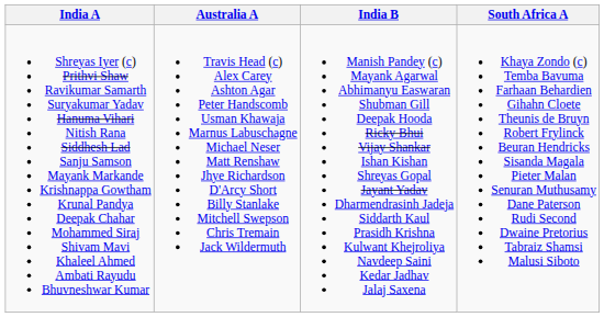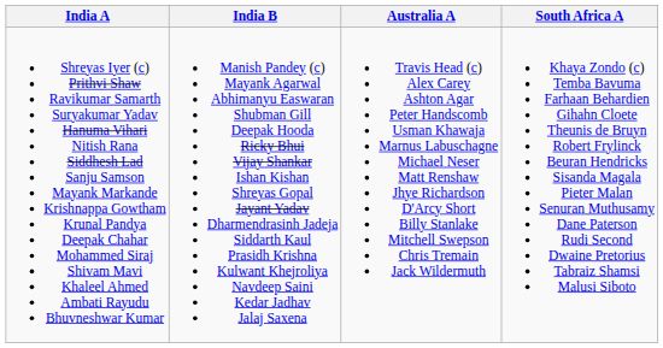 <table class="wikitable" style="text-align:center; margin:auto">
 <tr>
 <th> <a href='#'>India A</a></th>
+<th> <a href='#'>India B</a></th>
 <th> <a href='#'>Australia A</a></th>
-<th> <a href='#'>India B</a></th>
 <th> <a href='#'>South Africa A</a></th>
 </tr>
 <tr style="vertical-align:top">
 <td><br><ul><li><a href='#'>Shreyas Iyer</a> (<a href='#'>c</a>)</li><li><s><a href='#'>Prithvi Shaw</a></s></li><li><a href='#'>Ravikumar Samarth</a></li><li><a href='#'>Suryakumar Yadav</a></li><li><s><a href='#'>Hanuma Vihari</a></s></li><li><a href='#'>Nitish Rana</a></li><li><s><a href='#'>Siddhesh Lad</a></s></li><li><a href='#'>Sanju Samson</a></li><li><a href='#'>Mayank Markande</a></li><li><a href='#'>Krishnappa Gowtham</a></li><li><a href='#'>Krunal Pandya</a></li><li><a href='#'>Deepak Chahar</a></li><li><a href='#'>Mohammed Siraj</a></li><li><a href='#'>Shivam Mavi</a></li><li><a href='#'>Khaleel Ahmed</a></li><li><a href='#'>Ambati Rayudu</a></li><li><a href='#'>Bhuvneshwar Kumar</a></li></ul></td>
+<td><br><ul><li><a href='#'>Manish Pandey</a> (<a href='#'>c</a>)</li><li><a href='#'>Mayank Agarwal</a></li><li><a href='#'>Abhimanyu Easwaran</a></li><li><a href='#'>Shubman Gill</a></li><li><a href='#'>Deepak Hooda</a></li><li><s><a href='#'>Ricky Bhui</a></s></li><li><s><a href='#'>Vijay Shankar</a></s></li><li><a href='#'>Ishan Kishan</a></li><li><a href='#'>Shreyas Gopal</a></li><li><s><a href='#'>Jayant Yadav</a></s></li><li><a href='#'>Dharmendrasinh Jadeja</a></li><li><a href='#'>Siddarth Kaul</a></li><li><a href='#'>Prasidh Krishna</a></li><li><a href='#'>Kulwant Khejroliya</a></li><li><a href='#'>Navdeep Saini</a></li><li><a href='#'>Kedar Jadhav</a></li><li><a href='#'>Jalaj Saxena</a></li></ul></td>
 <td><br><ul><li><a href='#'>Travis Head</a> (<a href='#'>c</a>)</li><li><a href='#'>Alex Carey</a></li><li><a href='#'>Ashton Agar</a></li><li><a href='#'>Peter Handscomb</a></li><li><a href='#'>Usman Khawaja</a></li><li><a href='#'>Marnus Labuschagne</a></li><li><a href='#'>Michael Neser</a></li><li><a href='#'>Matt Renshaw</a></li><li><a href='#'>Jhye Richardson</a></li><li><a href='#'>D'Arcy Short</a></li><li><a href='#'>Billy Stanlake</a></li><li><a href='#'>Mitchell Swepson</a></li><li><a href='#'>Chris Tremain</a></li><li><a href='#'>Jack Wildermuth</a></li></ul></td>
-<td><br><ul><li><a href='#'>Manish Pandey</a> (<a href='#'>c</a>)</li><li><a href='#'>Mayank Agarwal</a></li><li><a href='#'>Abhimanyu Easwaran</a></li><li><a href='#'>Shubman Gill</a></li><li><a href='#'>Deepak Hooda</a></li><li><s><a href='#'>Ricky Bhui</a></s></li><li><s><a href='#'>Vijay Shankar</a></s></li><li><a href='#'>Ishan Kishan</a></li><li><a href='#'>Shreyas Gopal</a></li><li><s><a href='#'>Jayant Yadav</a></s></li><li><a href='#'>Dharmendrasinh Jadeja</a></li><li><a href='#'>Siddarth Kaul</a></li><li><a href='#'>Prasidh Krishna</a></li><li><a href='#'>Kulwant Khejroliya</a></li><li><a href='#'>Navdeep Saini</a></li><li><a href='#'>Kedar Jadhav</a></li><li><a href='#'>Jalaj Saxena</a></li></ul></td>
 <td><br><ul><li><a href='#'>Khaya Zondo</a> (<a href='#'>c</a>)</li><li><a href='#'>Temba Bavuma</a></li><li><a href='#'>Farhaan Behardien</a></li><li><a href='#'>Gihahn Cloete</a></li><li><a href='#'>Theunis de Bruyn</a></li><li><a href='#'>Robert Frylinck</a></li><li><a href='#'>Beuran Hendricks</a></li><li><a href='#'>Sisanda Magala</a></li><li><a href='#'>Pieter Malan</a></li><li><a href='#'>Senuran Muthusamy</a></li><li><a href='#'>Dane Paterson</a></li><li><a href='#'>Rudi Second</a></li><li><a href='#'>Dwaine Pretorius</a></li><li><a href='#'>Tabraiz Shamsi</a></li><li><a href='#'>Malusi Siboto</a></li></ul></td>
 </tr>
 </table>
